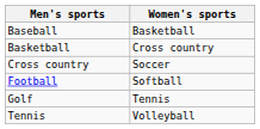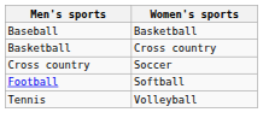 <table class="wikitable" style=" ">
 <tr>
 <th width=150px>Men's sports</th>
 <th width=150px>Women's sports</th>
 </tr>
 <tr>
 <td>Baseball</td>
 <td>Basketball</td>
 </tr>
 <tr>
 <td>Basketball</td>
 <td>Cross country</td>
 </tr>
 <tr>
 <td>Cross country</td>
 <td>Soccer</td>
 </tr>
 <tr>
 <td><a href='#'>Football</a></td>
 <td>Softball</td>
 </tr>
 <tr>
-<td>Golf</td>
-<td>Tennis</td>
-</tr>
-<tr>
 <td>Tennis</td>
 <td>Volleyball</td>
 </tr>
 </table>
